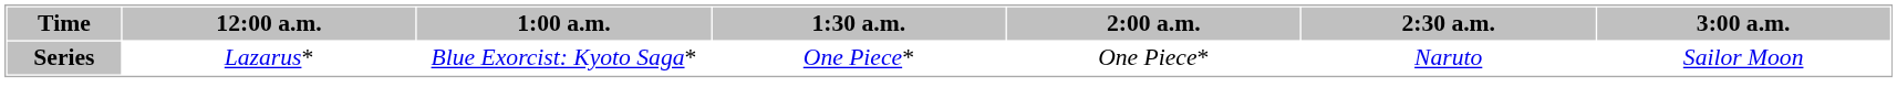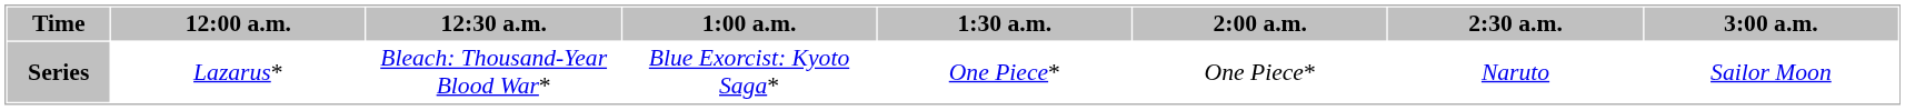 <table border="0" cellpadding="2" cellspacing="1" style="width:100%; border:1px solid #aaa;">
 <tr>
 <th style="width:2%; background:silver;">Time</th>
 <th style="width:7%; background:silver;">12:00 a.m.</th>
+<th style="width:7%; background:silver;'">12:30 a.m.</th>
 <th style="width:7%; background:silver;">1:00 a.m.</th>
 <th style="width:7%; background:silver;">1:30 a.m.</th>
 <th style="width:7%; background:silver;">2:00 a.m.</th>
 <th style="width:7%; background:silver;">2:30 a.m.</th>
 <th style="width:7%; background:silver;">3:00 a.m.</th>
 </tr>
 <tr>
 <th style="width:2%; background:silver;">Series</th>
 <td align=center><em><a href='#'>Lazarus</a></em>*</td>
+<td align=center><em><a href='#'>Bleach: Thousand-Year Blood War</a></em>*</td>
 <td align=center><em><a href='#'>Blue Exorcist: Kyoto Saga</a></em>*</td>
 <td align=center><em><a href='#'>One Piece</a></em>*</td>
 <td align=center><em>One Piece</em>*</td>
 <td align=center><em><a href='#'>Naruto</a></em> </td>
 <td align=center><em><a href='#'>Sailor Moon</a></em> </td>
 </tr>
 </table>
